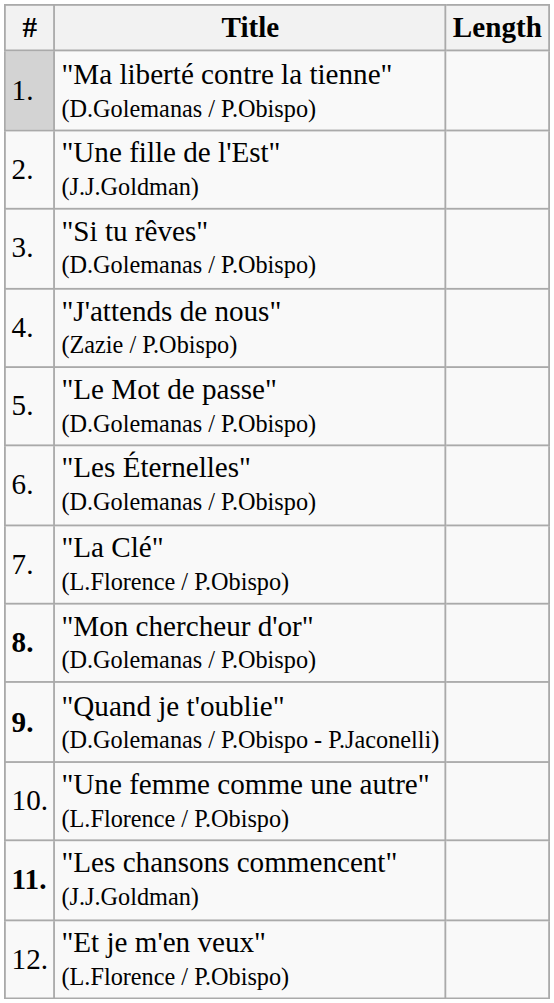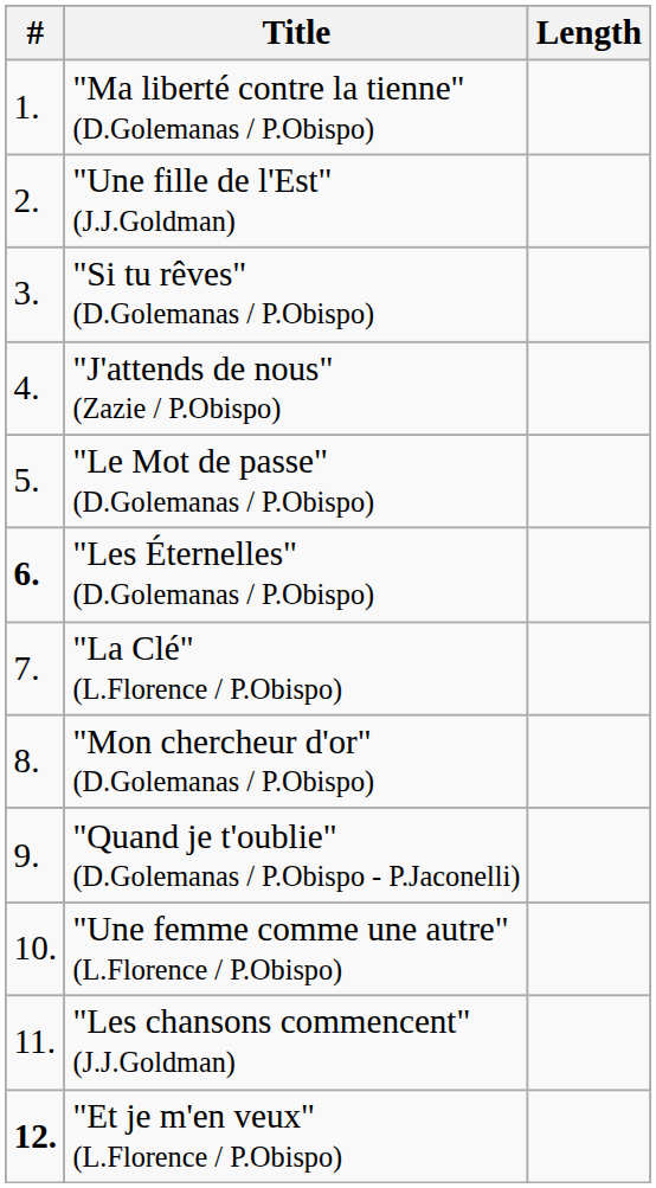 <table class="wikitable" size=80%>
 <tr>
 <th>#</th>
 <th>Title</th>
 <th>Length</th>
 </tr>
 <tr>
-<td style="background: lightgrey;">1.</td>
+<td>1.</td>
 <td>"Ma liberté contre la tienne" <br><small>(D.Golemanas / P.Obispo)</small></td>
 <td></td>
 </tr>
 <tr>
 <td>2.</td>
 <td>"Une fille de l'Est" <br><small>(J.J.Goldman)</small></td>
 <td></td>
 </tr>
 <tr>
 <td>3.</td>
 <td>"Si tu rêves" <br><small>(D.Golemanas / P.Obispo)</small></td>
 <td></td>
 </tr>
 <tr>
 <td>4.</td>
 <td>"J'attends de nous" <br><small>(Zazie / P.Obispo)</small></td>
 <td></td>
 </tr>
 <tr>
 <td>5.</td>
 <td>"Le Mot de passe" <br><small>(D.Golemanas / P.Obispo)</small></td>
 <td></td>
 </tr>
 <tr>
-<td>6.</td>
+<td><strong>6.</strong></td>
 <td>"Les Éternelles" <br><small>(D.Golemanas / P.Obispo)</small></td>
 <td></td>
 </tr>
 <tr>
 <td>7.</td>
 <td>"La Clé" <br><small>(L.Florence / P.Obispo)</small></td>
 <td></td>
 </tr>
 <tr>
-<td><strong>8.</strong></td>
+<td>8.</td>
 <td>"Mon chercheur d'or" <br><small>(D.Golemanas / P.Obispo)</small></td>
 <td></td>
 </tr>
 <tr>
-<td><strong>9.</strong></td>
+<td>9.</td>
 <td>"Quand je t'oublie" <br><small>(D.Golemanas / P.Obispo - P.Jaconelli)</small></td>
 <td></td>
 </tr>
 <tr>
 <td>10.</td>
 <td>"Une femme comme une autre" <br><small>(L.Florence / P.Obispo)</small></td>
 <td></td>
 </tr>
 <tr>
-<td><strong>11.</strong></td>
+<td>11.</td>
 <td>"Les chansons commencent" <br><small>(J.J.Goldman)</small></td>
 <td></td>
 </tr>
 <tr>
-<td>12.</td>
+<td><strong>12.</strong></td>
 <td>"Et je m'en veux" <br><small>(L.Florence / P.Obispo)</small></td>
 <td></td>
 </tr>
 <tr>
 </tr>
 </table>
